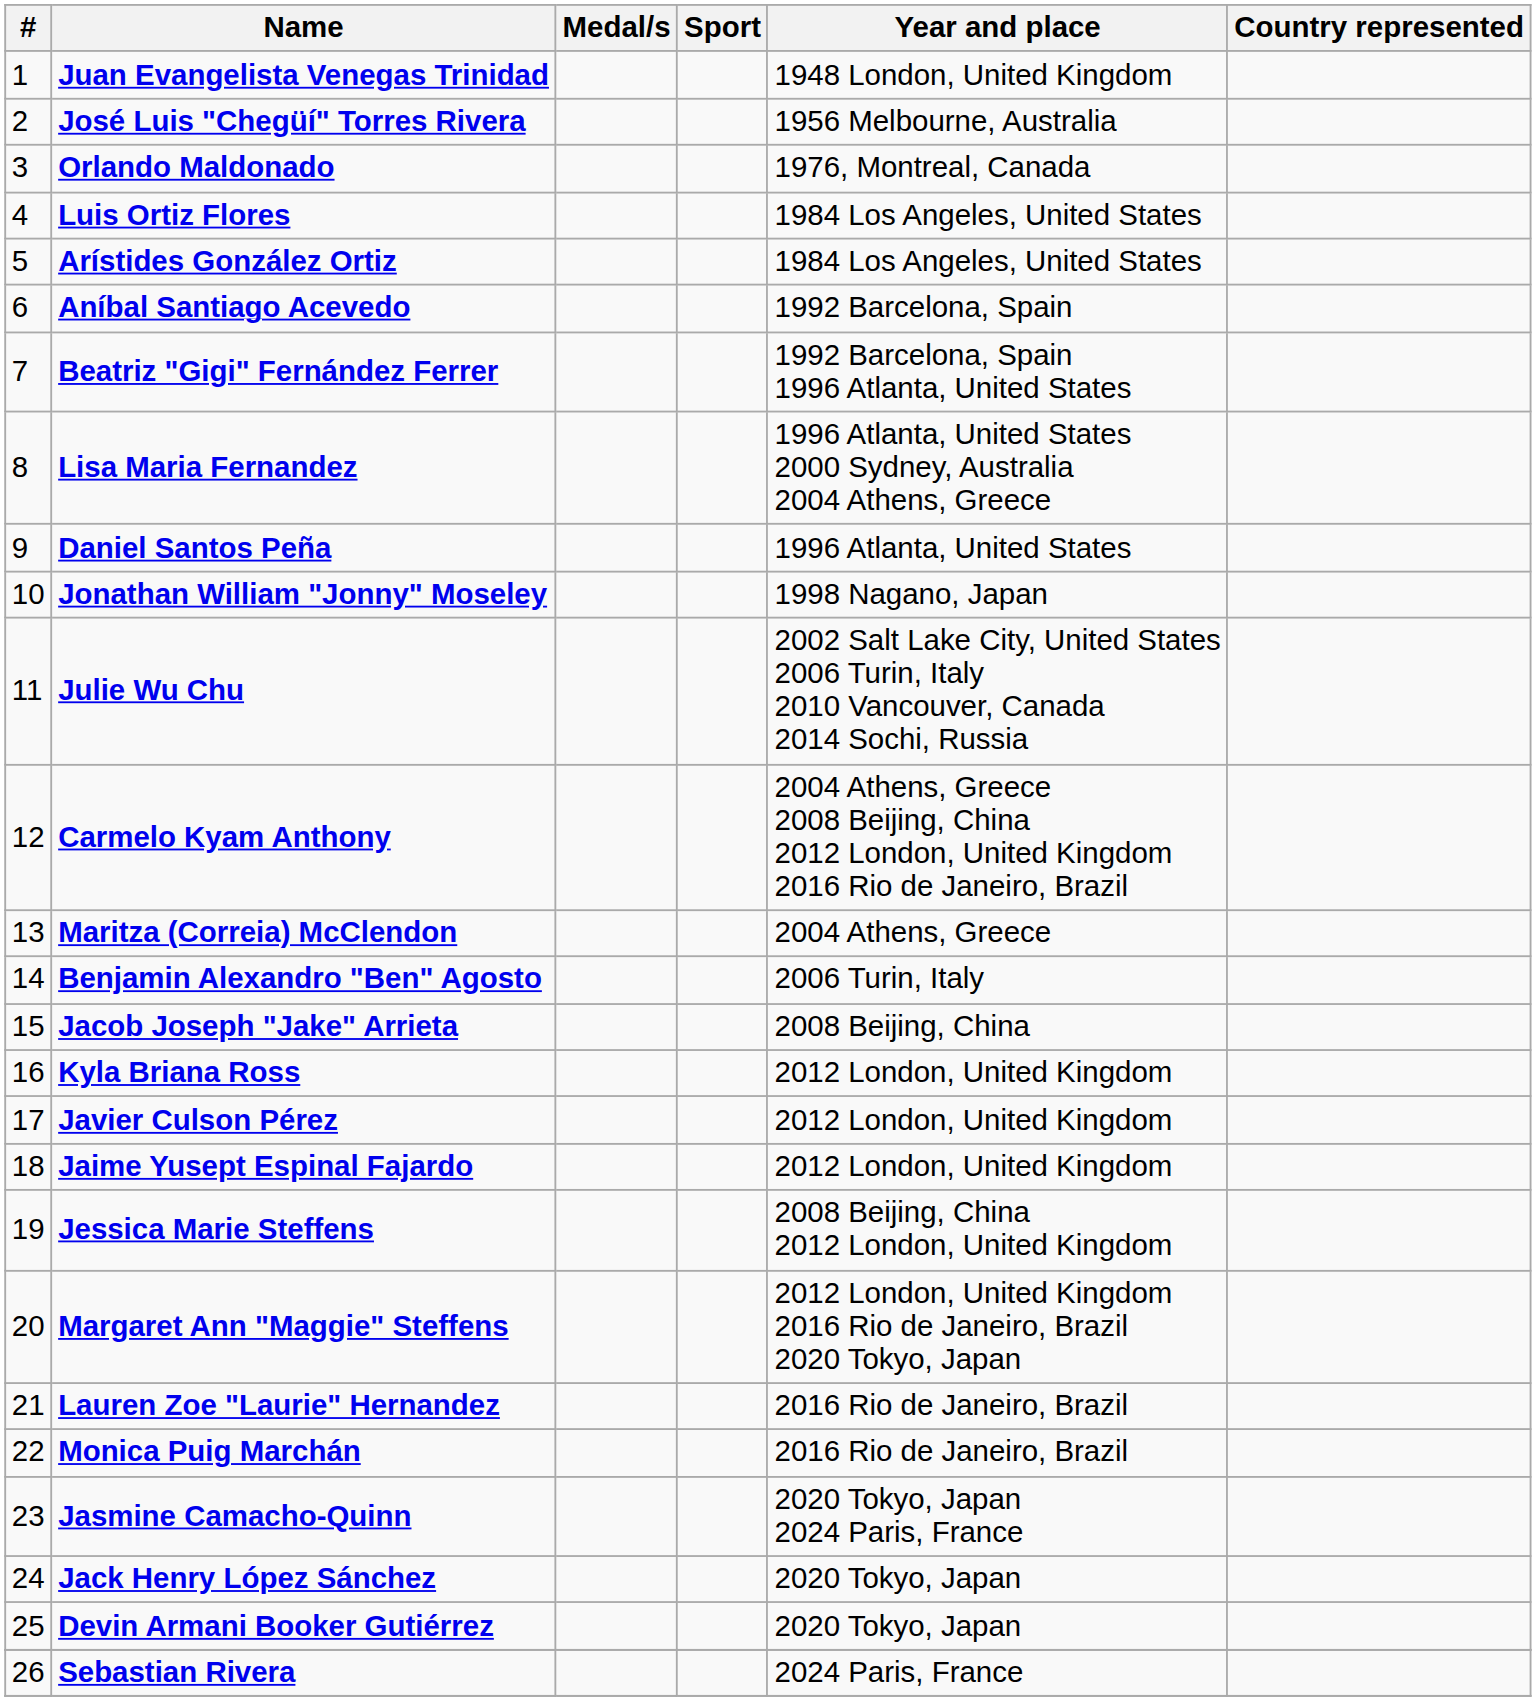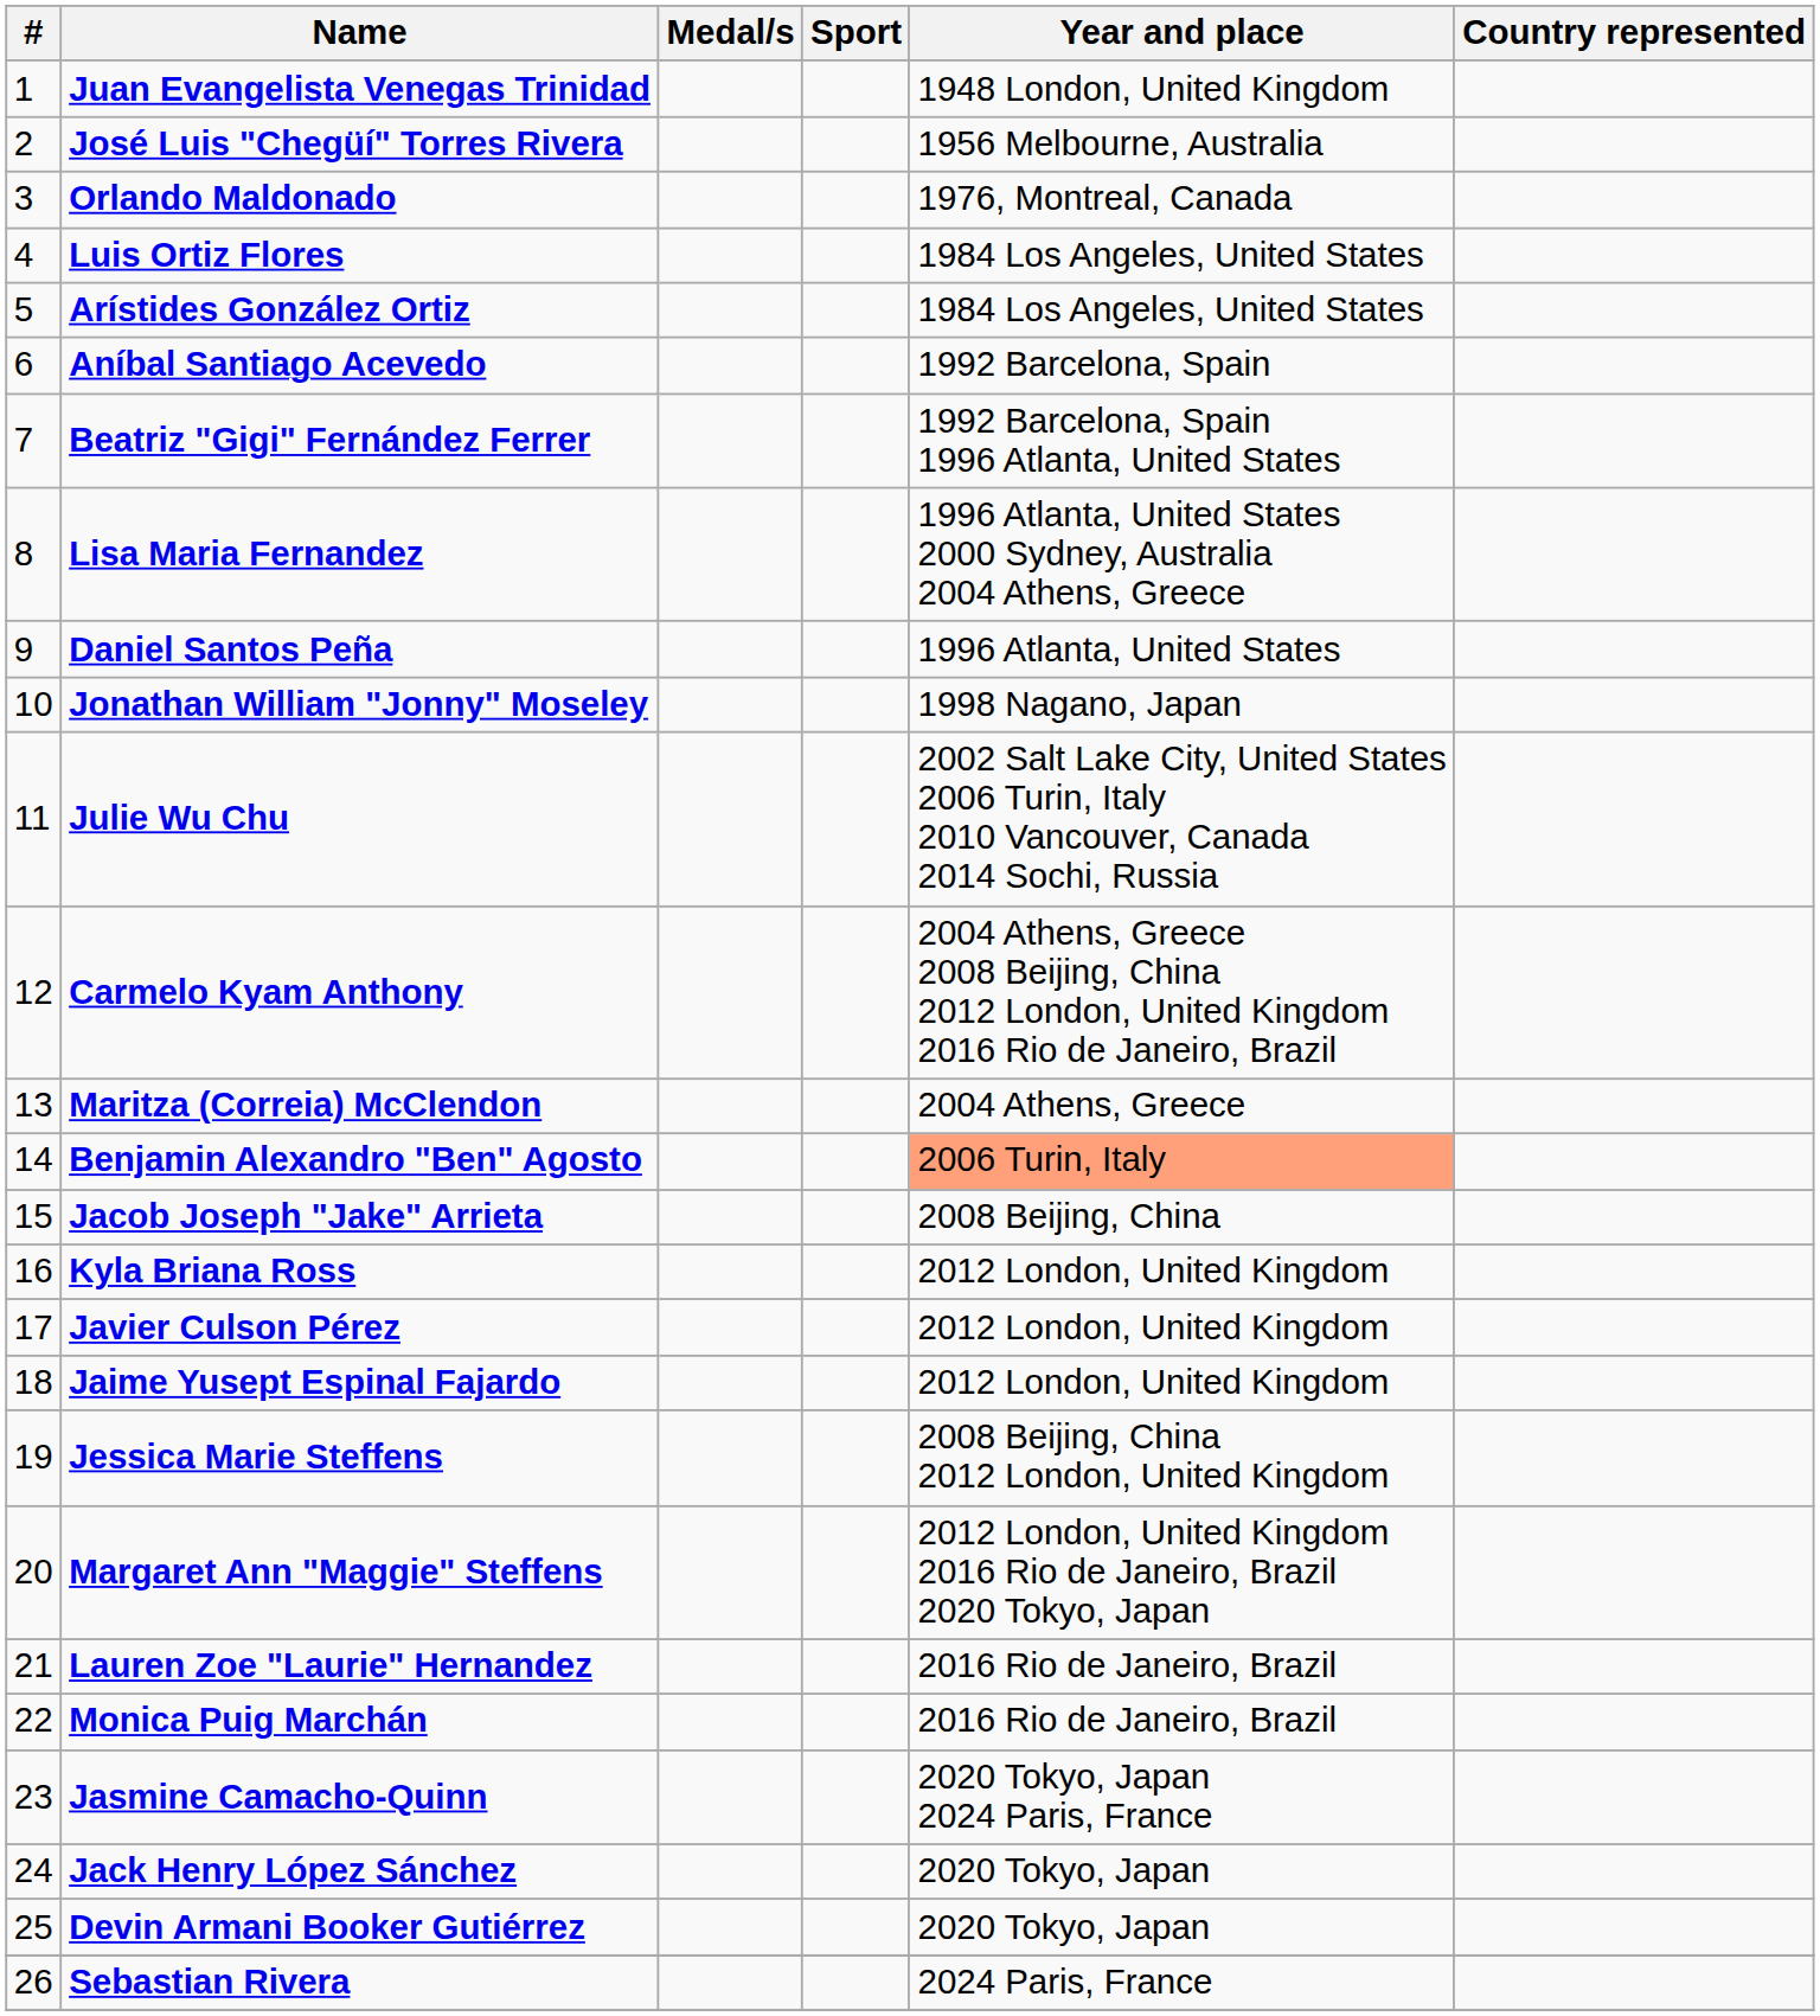 <table class="wikitable" style="margin: 1em auto;">
 <tr>
 <th>#</th>
 <th>Name</th>
 <th>Medal/s</th>
 <th>Sport</th>
 <th>Year and place</th>
 <th>Country represented</th>
 </tr>
 <tr>
 <td>1</td>
 <td><strong><a href='#'>Juan Evangelista Venegas Trinidad</a></strong></td>
 <td></td>
 <td></td>
 <td>1948 London, United Kingdom</td>
 <td></td>
 </tr>
 <tr>
 <td>2</td>
 <td><strong><a href='#'>José Luis "Chegüí" Torres Rivera</a></strong></td>
 <td></td>
 <td></td>
 <td>1956 Melbourne, Australia</td>
 <td></td>
 </tr>
 <tr>
 <td>3</td>
 <td><strong><a href='#'>Orlando Maldonado</a></strong></td>
 <td></td>
 <td></td>
 <td>1976, Montreal, Canada</td>
 <td></td>
 </tr>
 <tr>
 <td>4</td>
 <td><strong><a href='#'>Luis Ortiz Flores</a></strong></td>
 <td></td>
 <td></td>
 <td>1984 Los Angeles, United States</td>
 <td></td>
 </tr>
 <tr>
 <td>5</td>
 <td><strong><a href='#'>Arístides González Ortiz</a></strong></td>
 <td></td>
 <td></td>
 <td>1984 Los Angeles, United States</td>
 <td></td>
 </tr>
 <tr>
 <td>6</td>
 <td><strong><a href='#'>Aníbal Santiago Acevedo</a></strong></td>
 <td></td>
 <td></td>
 <td>1992 Barcelona, Spain</td>
 <td></td>
 </tr>
 <tr>
 <td>7</td>
 <td><strong><a href='#'>Beatriz "Gigi" Fernández Ferrer</a></strong></td>
 <td></td>
 <td></td>
 <td>1992 Barcelona, Spain<br>1996 Atlanta, United States</td>
 <td></td>
 </tr>
 <tr>
 <td>8</td>
 <td><strong><a href='#'>Lisa Maria Fernandez</a></strong></td>
 <td></td>
 <td></td>
 <td>1996 Atlanta, United States<br>2000 Sydney, Australia<br>2004 Athens, Greece</td>
 <td></td>
 </tr>
 <tr>
 <td>9</td>
 <td><strong><a href='#'>Daniel Santos Peña</a></strong></td>
 <td></td>
 <td></td>
 <td>1996 Atlanta, United States</td>
 <td></td>
 </tr>
 <tr>
 <td>10</td>
 <td><strong><a href='#'>Jonathan William "Jonny" Moseley</a></strong></td>
 <td></td>
 <td></td>
 <td>1998 Nagano, Japan</td>
 <td></td>
 </tr>
 <tr>
 <td>11</td>
 <td><strong><a href='#'>Julie Wu Chu</a></strong></td>
 <td></td>
 <td></td>
 <td>2002 Salt Lake City, United States<br>2006 Turin, Italy<br>2010 Vancouver, Canada<br>2014 Sochi, Russia</td>
 <td></td>
 </tr>
 <tr>
 <td>12</td>
 <td><strong><a href='#'>Carmelo Kyam Anthony</a></strong></td>
 <td></td>
 <td></td>
 <td>2004 Athens, Greece<br>2008 Beijing, China<br>2012 London, United Kingdom<br>2016 Rio de Janeiro, Brazil</td>
 <td></td>
 </tr>
 <tr>
 <td>13</td>
 <td><strong><a href='#'>Maritza (Correia) McClendon</a></strong></td>
 <td></td>
 <td></td>
 <td>2004 Athens, Greece</td>
 <td></td>
 </tr>
 <tr>
 <td>14</td>
 <td><strong><a href='#'>Benjamin Alexandro "Ben" Agosto</a></strong></td>
 <td></td>
 <td></td>
-<td>2006 Turin, Italy</td>
+<td style="background: lightsalmon;">2006 Turin, Italy</td>
 <td></td>
 </tr>
 <tr>
 <td>15</td>
 <td><strong><a href='#'>Jacob Joseph "Jake" Arrieta</a></strong></td>
 <td></td>
 <td></td>
 <td>2008 Beijing, China</td>
 <td></td>
 </tr>
 <tr>
 <td>16</td>
 <td><strong><a href='#'>Kyla Briana Ross</a></strong></td>
 <td></td>
 <td></td>
 <td>2012 London, United Kingdom</td>
 <td></td>
 </tr>
 <tr>
 <td>17</td>
 <td><strong><a href='#'>Javier Culson Pérez</a></strong></td>
 <td></td>
 <td></td>
 <td>2012 London, United Kingdom</td>
 <td></td>
 </tr>
 <tr>
 <td>18</td>
 <td><strong><a href='#'>Jaime Yusept Espinal Fajardo</a></strong></td>
 <td></td>
 <td></td>
 <td>2012 London, United Kingdom</td>
 <td></td>
 </tr>
 <tr>
 <td>19</td>
 <td><strong><a href='#'>Jessica Marie Steffens</a></strong></td>
 <td></td>
 <td></td>
 <td>2008 Beijing, China<br>2012 London, United Kingdom</td>
 <td></td>
 </tr>
 <tr>
 <td>20</td>
 <td><strong><a href='#'>Margaret Ann "Maggie" Steffens</a></strong></td>
 <td></td>
 <td></td>
 <td>2012 London, United Kingdom<br>2016 Rio de Janeiro, Brazil<br>2020 Tokyo, Japan</td>
 <td></td>
 </tr>
 <tr>
 <td>21</td>
 <td><strong><a href='#'>Lauren Zoe "Laurie" Hernandez</a></strong></td>
 <td></td>
 <td></td>
 <td>2016 Rio de Janeiro, Brazil</td>
 <td></td>
 </tr>
 <tr>
 <td>22</td>
 <td><strong><a href='#'>Monica Puig Marchán</a></strong></td>
 <td></td>
 <td></td>
 <td>2016 Rio de Janeiro, Brazil</td>
 <td></td>
 </tr>
 <tr>
 <td>23</td>
 <td><strong><a href='#'>Jasmine Camacho-Quinn</a></strong></td>
 <td></td>
 <td></td>
 <td>2020 Tokyo, Japan<br>2024 Paris, France</td>
 <td></td>
 </tr>
 <tr>
 <td>24</td>
 <td><strong><a href='#'>Jack Henry López Sánchez</a></strong></td>
 <td></td>
 <td></td>
 <td>2020 Tokyo, Japan</td>
 <td></td>
 </tr>
 <tr>
 <td>25</td>
 <td><strong><a href='#'>Devin Armani Booker Gutiérrez</a></strong></td>
 <td></td>
 <td></td>
 <td>2020 Tokyo, Japan</td>
 <td></td>
 </tr>
 <tr>
 </tr>
 <tr>
 <td>26</td>
 <td><strong><a href='#'>Sebastian Rivera</a></strong></td>
 <td></td>
 <td></td>
 <td>2024 Paris, France</td>
 <td></td>
 </tr>
 <tr>
 </tr>
 </table>
